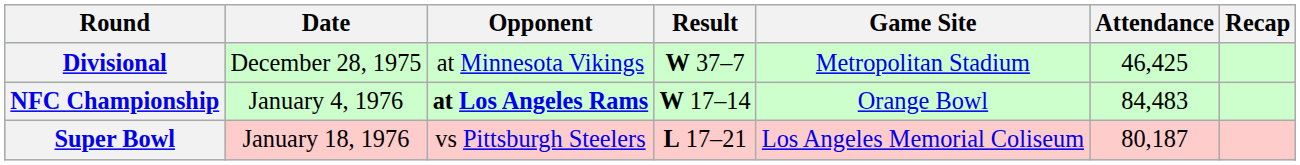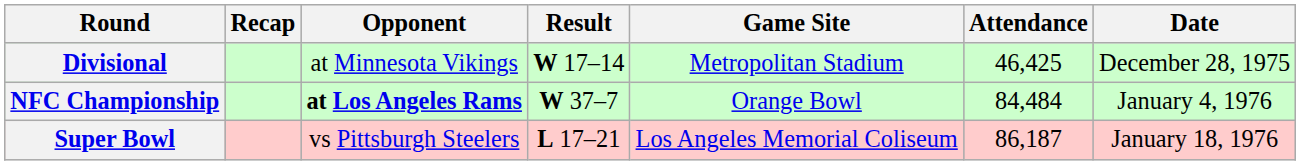 <table class="wikitable" style="text-align:center">
 <tr>
 <th>Round</th>
-<th>Date</th>
+<th>Recap</th>
 <th>Opponent</th>
 <th>Result</th>
 <th>Game Site</th>
 <th>Attendance</th>
-<th>Recap</th>
+<th>Date</th>
 </tr>
 <tr style="background: #cfc">
 <th><a href='#'>Divisional</a></th>
-<td>December 28, 1975</td>
+<td></td>
 <td>at <a href='#'>Minnesota Vikings</a></td>
-<td><strong>W</strong> 37–7</td>
+<td><strong>W</strong> 17–14</td>
 <td><a href='#'>Metropolitan Stadium</a></td>
 <td>46,425</td>
-<td></td>
+<td>December 28, 1975</td>
 </tr>
 <tr style="background: #cfc">
 <th><a href='#'>NFC Championship</a></th>
+<td></td>
+<td><strong>at <a href='#'>Los Angeles Rams</a></strong></td>
+<td><strong>W</strong> 37–7</td>
+<td><a href='#'>Orange Bowl</a></td>
+<td>84,484</td>
 <td>January 4, 1976</td>
-<td><strong>at <a href='#'>Los Angeles Rams</a></strong></td>
-<td><strong>W</strong> 17–14</td>
-<td><a href='#'>Orange Bowl</a></td>
-<td>84,483</td>
-<td></td>
 </tr>
 <tr style="background: #fcc">
 <th><a href='#'>Super Bowl</a></th>
-<td>January 18, 1976</td>
+<td></td>
 <td>vs <a href='#'>Pittsburgh Steelers</a></td>
 <td><strong>L</strong> 17–21</td>
 <td><a href='#'>Los Angeles Memorial Coliseum</a></td>
-<td>80,187</td>
-<td></td>
+<td>86,187</td>
+<td>January 18, 1976</td>
 </tr>
 </table>
